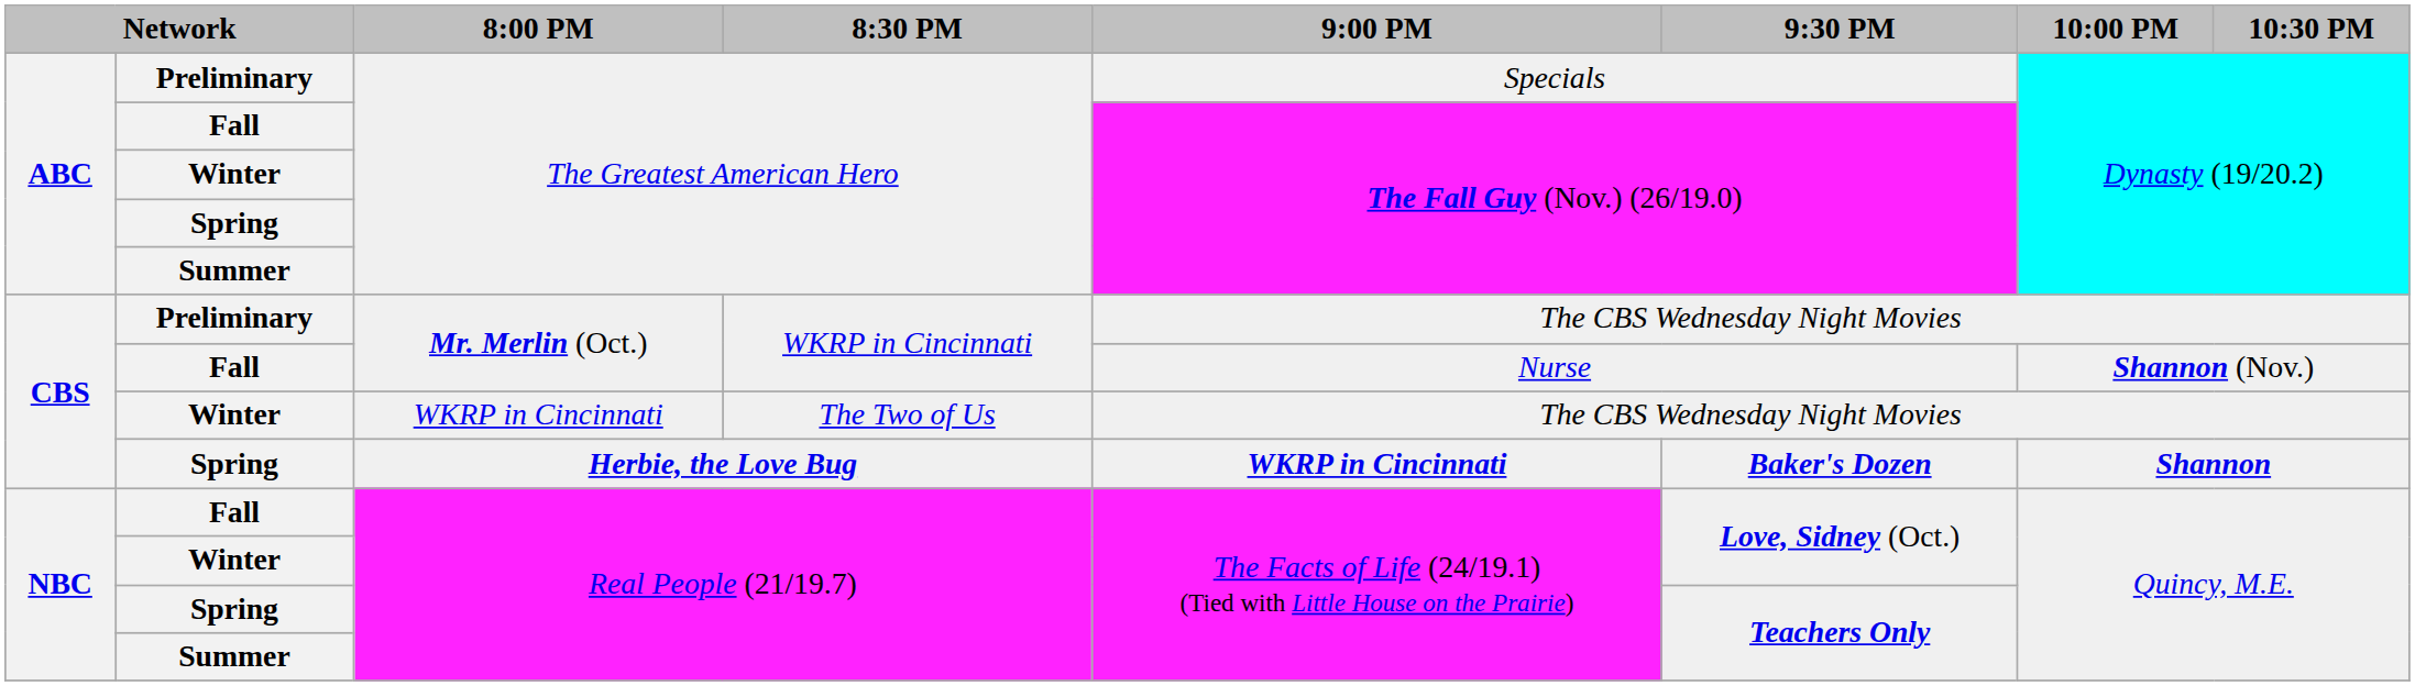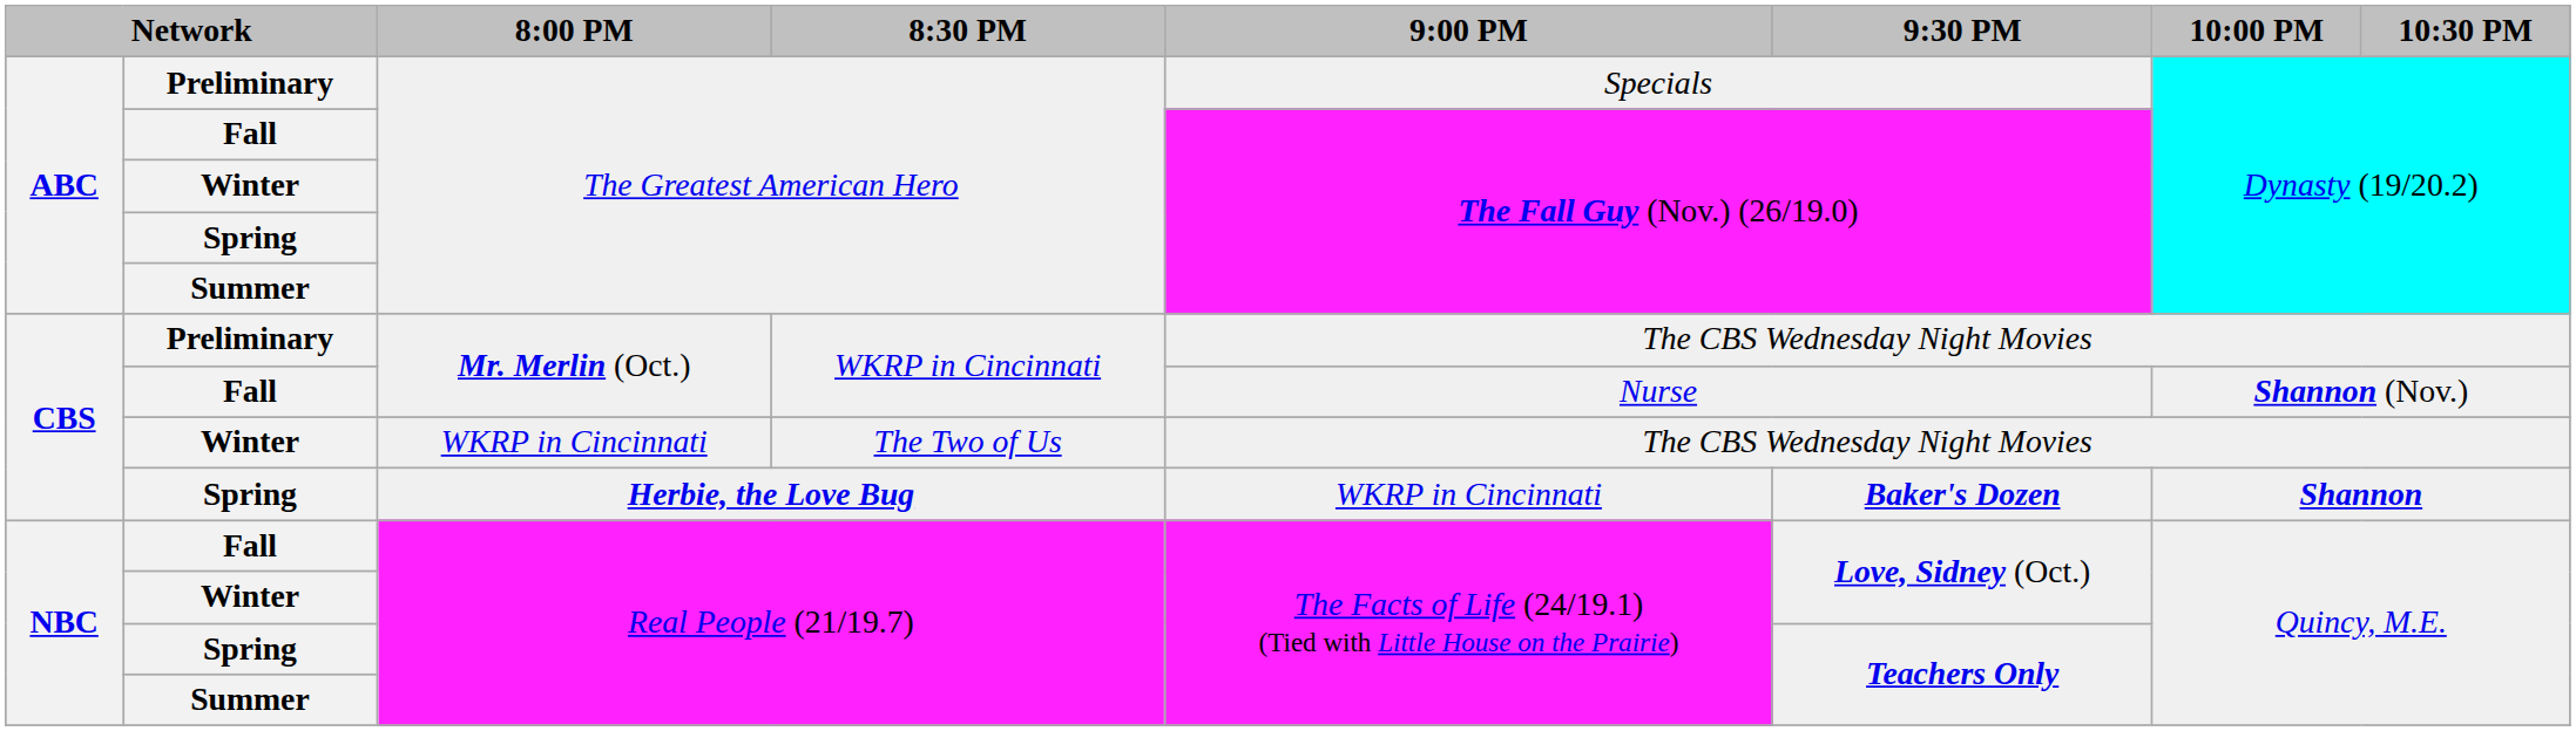 <table class="wikitable plainrowheaders" style="width:100%; margin:auto; text-align:center;">
 <tr>
 <th colspan="2" style="background-color:#C0C0C0;text-align:center">Network</th>
 <th style="background-color:#C0C0C0;text-align:center">8:00 PM</th>
 <th style="background-color:#C0C0C0;text-align:center">8:30 PM</th>
 <th style="background-color:#C0C0C0;text-align:center">9:00 PM</th>
 <th style="background-color:#C0C0C0;text-align:center">9:30 PM</th>
 <th style="background-color:#C0C0C0;text-align:center">10:00 PM</th>
 <th style="background-color:#C0C0C0;text-align:center">10:30 PM</th>
 </tr>
 <tr>
 <th bgcolor="#C0C0C0" rowspan="5"><a href='#'>ABC</a></th>
 <th>Preliminary</th>
 <td bgcolor="#F0F0F0" colspan="2" rowspan="5"><em><a href='#'>The Greatest American Hero</a></em></td>
 <td bgcolor="#F0F0F0" colspan="2"><em>Specials</em></td>
 <td bgcolor="#00FFFF" colspan="2" rowspan="5"><em><a href='#'>Dynasty</a></em> (19/20.2)</td>
 </tr>
 <tr>
 <th>Fall</th>
 <td bgcolor="#FF22FF" colspan="2" rowspan="4"><strong><em><a href='#'>The Fall Guy</a></em></strong> (Nov.) (26/19.0)</td>
 </tr>
 <tr>
 <th>Winter</th>
 </tr>
 <tr>
 <th>Spring</th>
 </tr>
 <tr>
 <th>Summer</th>
 </tr>
 <tr>
 <th rowspan="4" bgcolor="#C0C0C0"><a href='#'>CBS</a></th>
 <th>Preliminary</th>
 <td bgcolor="#F0F0F0" rowspan="2"><strong><em><a href='#'>Mr. Merlin</a></em></strong> (Oct.)</td>
 <td bgcolor="#F0F0F0" rowspan="2"><em><a href='#'>WKRP in Cincinnati</a></em></td>
 <td bgcolor="#F0F0F0" colspan="4"><em>The CBS Wednesday Night Movies</em></td>
 </tr>
 <tr>
 <th>Fall</th>
 <td colspan="2" bgcolor="#F0F0F0"><em><a href='#'>Nurse</a></em></td>
 <td colspan="2" bgcolor="#F0F0F0"><strong><em><a href='#'>Shannon</a></em></strong> (Nov.)</td>
 </tr>
 <tr>
 <th>Winter</th>
 <td bgcolor="#F0F0F0"><em><a href='#'>WKRP in Cincinnati</a></em></td>
 <td bgcolor="#F0F0F0"><em><a href='#'>The Two of Us</a></em></td>
 <td bgcolor="#F0F0F0" colspan="4"><em>The CBS Wednesday Night Movies</em></td>
 </tr>
 <tr>
 <th>Spring</th>
 <td colspan="2" bgcolor="#F0F0F0"><strong><em><a href='#'>Herbie, the Love Bug</a></em></strong></td>
-<td bgcolor="#F0F0F0"><strong><em><a href='#'>WKRP in Cincinnati</a></em></strong></td>
+<td bgcolor="#F0F0F0"><em><a href='#'>WKRP in Cincinnati</a></em></td>
 <td bgcolor="#F0F0F0"><strong><em><a href='#'>Baker's Dozen</a></em></strong></td>
 <td bgcolor="#F0F0F0" colspan="2"><strong><em><a href='#'>Shannon</a></em></strong></td>
 </tr>
 <tr>
 <th rowspan="4" bgcolor="#C0C0C0"><a href='#'>NBC</a></th>
 <th>Fall</th>
 <td colspan="2" rowspan="4" bgcolor="#FF22FF"><em><a href='#'>Real People</a></em> (21/19.7)</td>
 <td rowspan="4" bgcolor="#FF22FF"><em><a href='#'>The Facts of Life</a></em> (24/19.1)<br><small>(Tied with <em><a href='#'>Little House on the Prairie</a></em>)</small></td>
 <td bgcolor="#F0F0F0" rowspan="2"><strong><em><a href='#'>Love, Sidney</a></em></strong> (Oct.)</td>
 <td colspan="2" rowspan="4" bgcolor="#F0F0F0"><em><a href='#'>Quincy, M.E.</a></em></td>
 </tr>
 <tr>
 <th>Winter</th>
 </tr>
 <tr>
 <th>Spring</th>
 <td bgcolor="#F0F0F0" rowspan="2"><strong><em><a href='#'>Teachers Only</a></em></strong></td>
 </tr>
 <tr>
 <th>Summer</th>
 </tr>
 </table>
